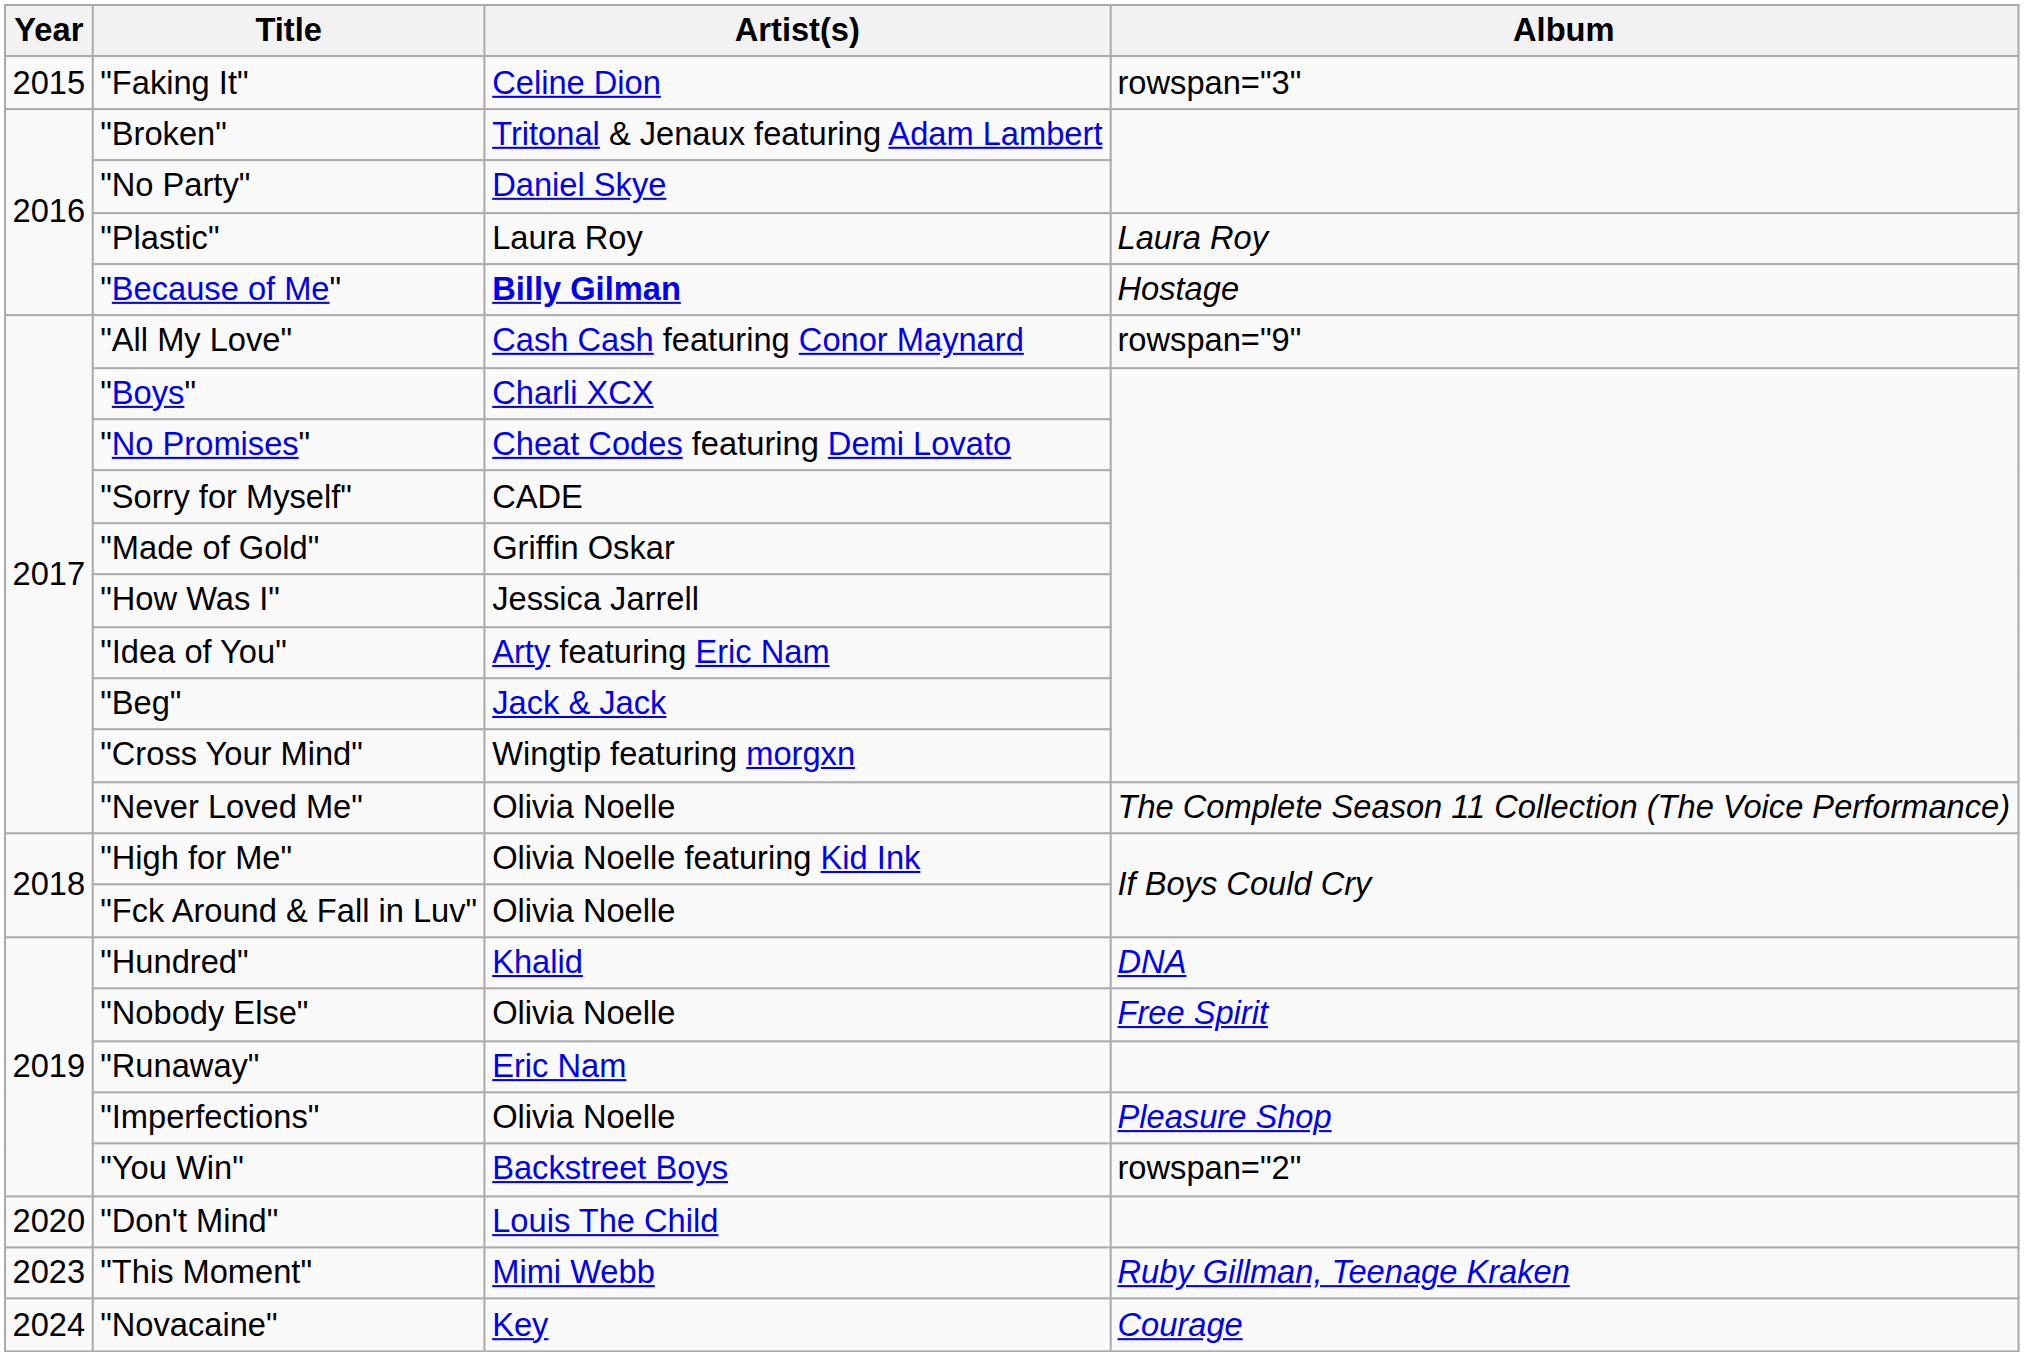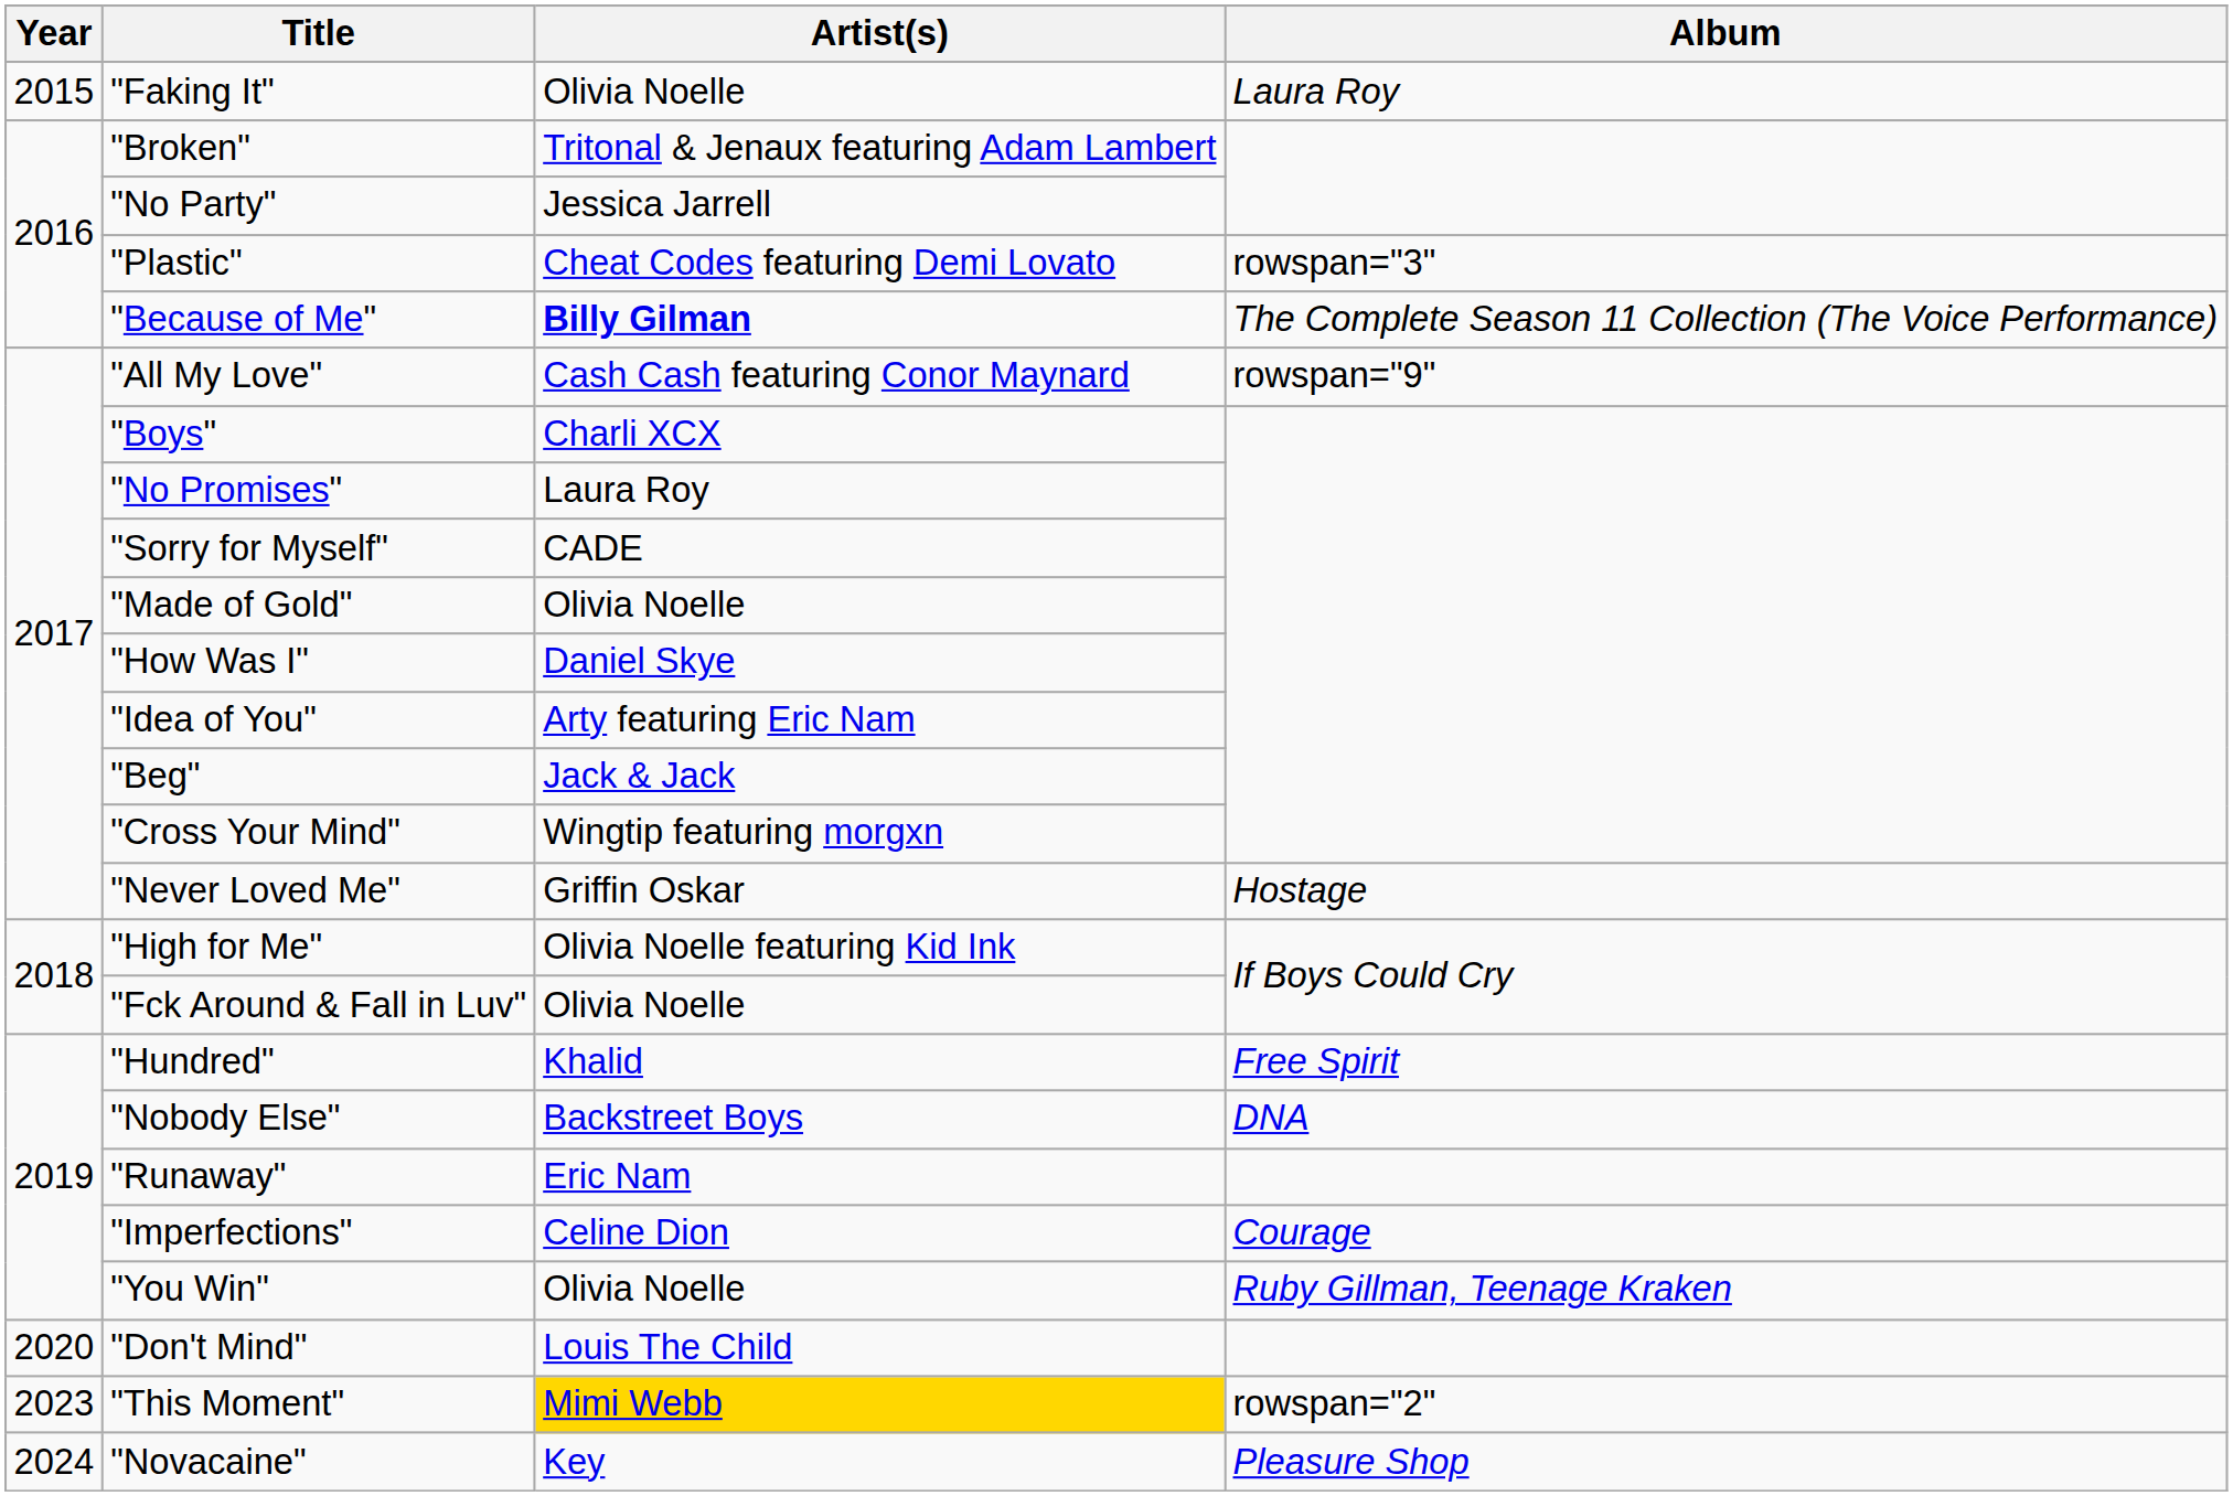 <table class="wikitable plainrowheaders">
 <tr>
 <th scope="col">Year</th>
 <th scope="col">Title</th>
 <th scope="col">Artist(s)</th>
 <th scope="col">Album</th>
 </tr>
 <tr>
 <td>2015</td>
 <td>"Faking It"</td>
-<td><a href='#'>Celine Dion</a></td>
-<td>rowspan="3" </td>
+<td>Olivia Noelle</td>
+<td><em>Laura Roy</em></td>
 </tr>
 <tr>
 <td rowspan="4">2016</td>
 <td>"Broken"</td>
 <td><a href='#'>Tritonal</a> & Jenaux featuring <a href='#'>Adam Lambert</a></td>
 </tr>
 <tr>
 <td>"No Party"</td>
-<td><a href='#'>Daniel Skye</a></td>
+<td>Jessica Jarrell</td>
 </tr>
 <tr>
 <td>"Plastic"</td>
-<td>Laura Roy</td>
-<td><em>Laura Roy</em></td>
+<td><a href='#'>Cheat Codes</a> featuring <a href='#'>Demi Lovato</a></td>
+<td>rowspan="3" </td>
 </tr>
 <tr>
 <td>"<a href='#'>Because of Me</a>"</td>
 <td><strong><a href='#'>Billy Gilman</a></strong></td>
-<td><em>Hostage</em></td>
+<td><em>The Complete Season 11 Collection (The Voice Performance)</em></td>
 </tr>
 <tr>
 <td rowspan="10">2017</td>
 <td>"All My Love"</td>
 <td><a href='#'>Cash Cash</a> featuring <a href='#'>Conor Maynard</a></td>
 <td>rowspan="9" </td>
 </tr>
 <tr>
 <td>"<a href='#'>Boys</a>"</td>
 <td><a href='#'>Charli XCX</a></td>
 </tr>
 <tr>
 <td>"<a href='#'>No Promises</a>"</td>
-<td><a href='#'>Cheat Codes</a> featuring <a href='#'>Demi Lovato</a></td>
+<td>Laura Roy</td>
 </tr>
 <tr>
 <td>"Sorry for Myself"</td>
 <td>CADE</td>
 </tr>
 <tr>
 <td>"Made of Gold"</td>
-<td>Griffin Oskar</td>
+<td>Olivia Noelle</td>
 </tr>
 <tr>
 <td>"How Was I"</td>
-<td>Jessica Jarrell</td>
+<td><a href='#'>Daniel Skye</a></td>
 </tr>
 <tr>
 <td>"Idea of You"</td>
 <td><a href='#'>Arty</a> featuring <a href='#'>Eric Nam</a></td>
 </tr>
 <tr>
 <td>"Beg"</td>
 <td><a href='#'>Jack & Jack</a></td>
 </tr>
 <tr>
 <td>"Cross Your Mind"</td>
 <td>Wingtip featuring <a href='#'>morgxn</a></td>
 </tr>
 <tr>
 <td>"Never Loved Me"</td>
-<td>Olivia Noelle</td>
-<td><em>The Complete Season 11 Collection (The Voice Performance)</em></td>
+<td>Griffin Oskar</td>
+<td><em>Hostage</em></td>
 </tr>
 <tr>
 <td rowspan="2">2018</td>
 <td>"High for Me"</td>
 <td>Olivia Noelle featuring <a href='#'>Kid Ink</a></td>
 <td rowspan="2"><em>If Boys Could Cry</em></td>
 </tr>
 <tr>
 <td>"Fck Around & Fall in Luv"</td>
 <td>Olivia Noelle</td>
 </tr>
 <tr>
 <td rowspan="5">2019</td>
 <td>"Hundred"</td>
 <td><a href='#'>Khalid</a></td>
-<td><em><a href='#'>DNA</a></em></td>
+<td><em><a href='#'>Free Spirit</a></em></td>
 </tr>
 <tr>
 <td>"Nobody Else"</td>
-<td>Olivia Noelle</td>
-<td><em><a href='#'>Free Spirit</a></em></td>
+<td><a href='#'>Backstreet Boys</a></td>
+<td><em><a href='#'>DNA</a></em></td>
 </tr>
 <tr>
 <td>"Runaway"</td>
 <td><a href='#'>Eric Nam</a></td>
 <td></td>
 </tr>
 <tr>
 <td>"Imperfections"</td>
-<td>Olivia Noelle</td>
-<td><em><a href='#'>Pleasure Shop</a></em></td>
+<td><a href='#'>Celine Dion</a></td>
+<td><em><a href='#'>Courage</a></em></td>
 </tr>
 <tr>
 <td>"You Win"</td>
-<td><a href='#'>Backstreet Boys</a></td>
-<td>rowspan="2" </td>
+<td>Olivia Noelle</td>
+<td><em><a href='#'>Ruby Gillman, Teenage Kraken</a></em></td>
 </tr>
 <tr>
 <td>2020</td>
 <td>"Don't Mind"</td>
 <td><a href='#'>Louis The Child</a></td>
 </tr>
 <tr>
 <td>2023</td>
 <td>"This Moment"</td>
-<td><a href='#'>Mimi Webb</a></td>
-<td><em><a href='#'>Ruby Gillman, Teenage Kraken</a></em></td>
+<td style="background: gold;"><a href='#'>Mimi Webb</a></td>
+<td>rowspan="2" </td>
 </tr>
 <tr>
 <td>2024</td>
 <td>"Novacaine"</td>
 <td><a href='#'>Key</a></td>
-<td><em><a href='#'>Courage</a></em></td>
+<td><em><a href='#'>Pleasure Shop</a></em></td>
 </tr>
 </table>
